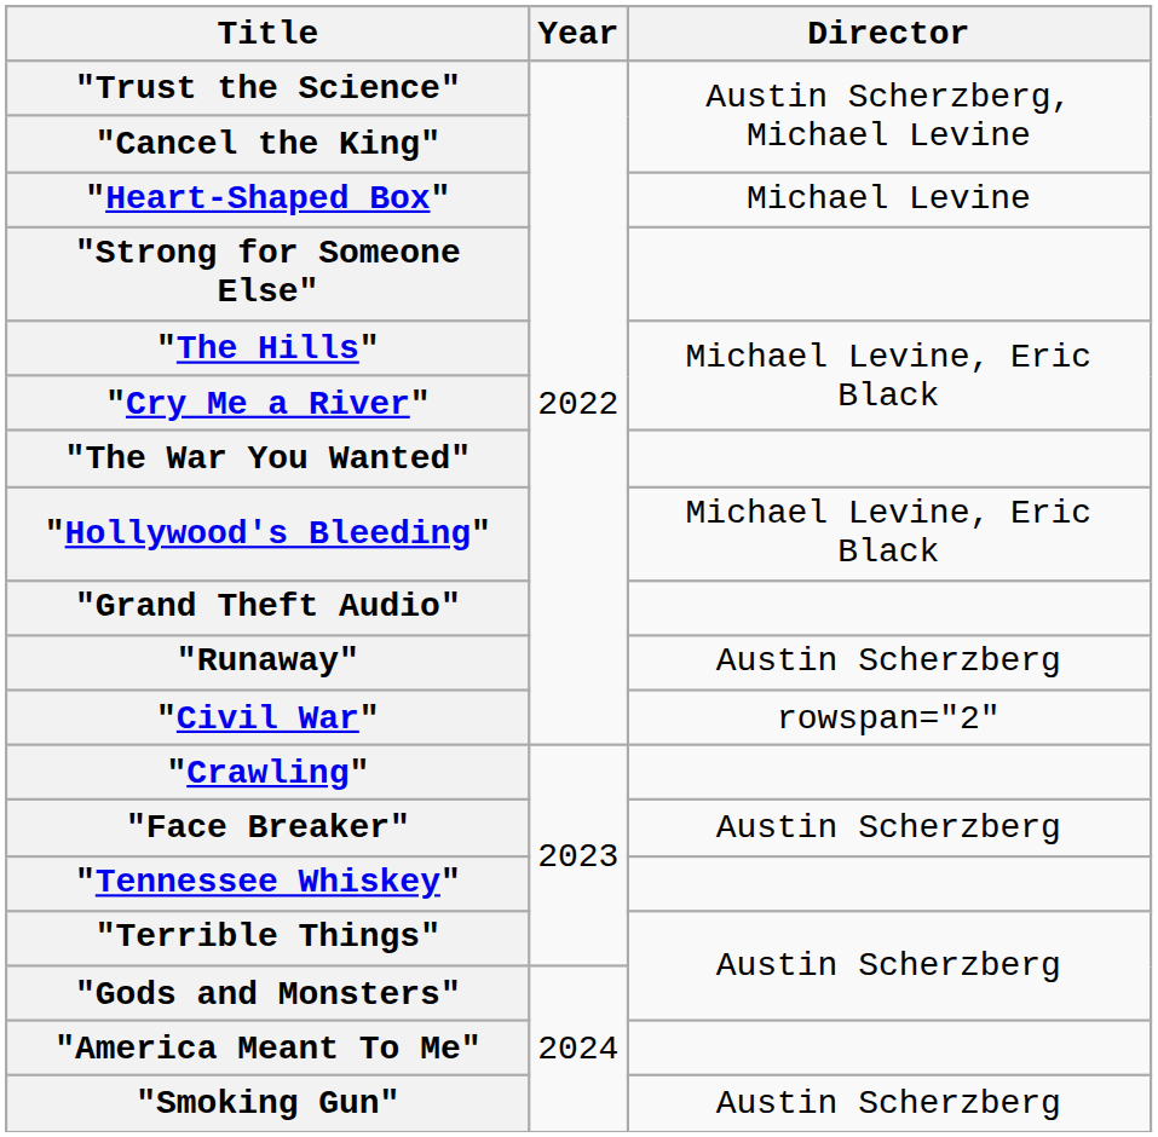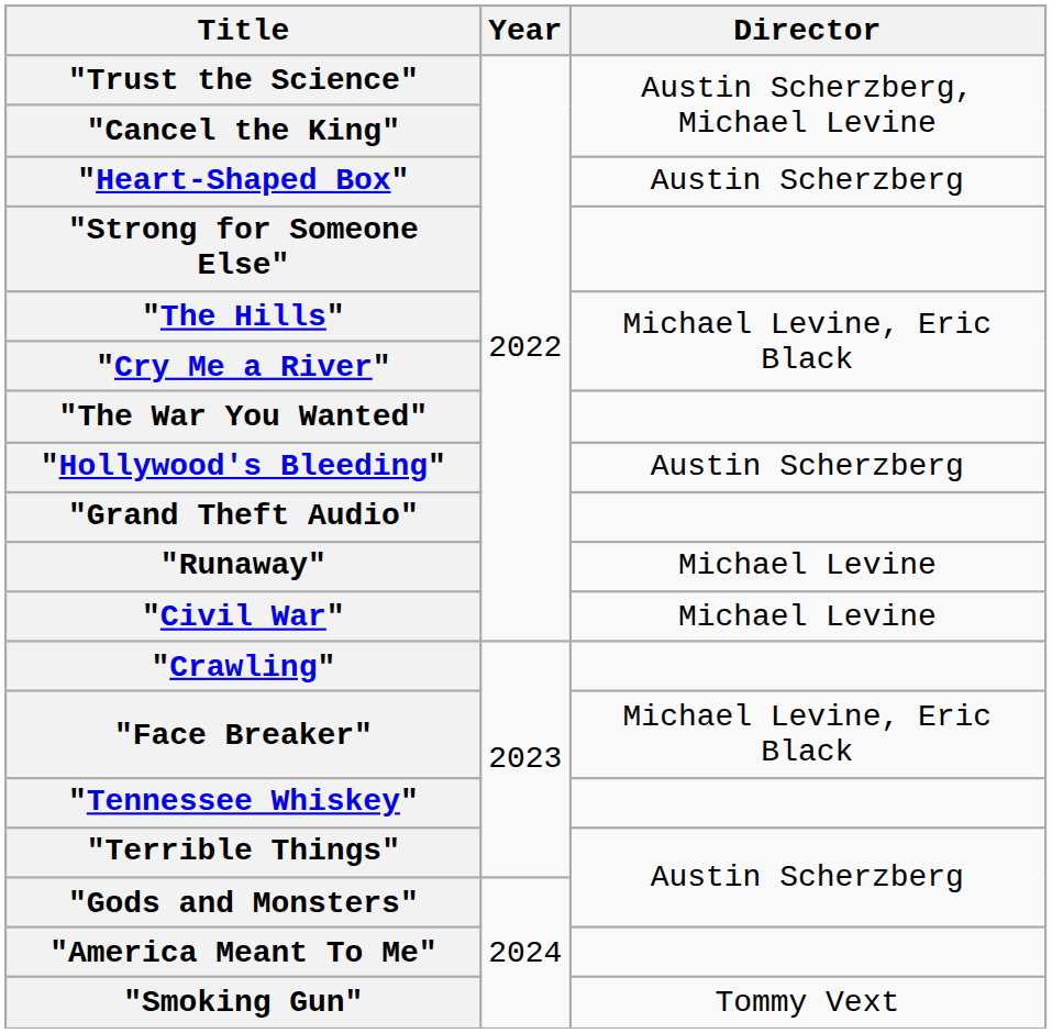 <table class="wikitable plainrowheaders" style="text-align:center;">
 <tr>
 <th scope="col" style="width:15em;">Title</th>
 <th scope="col">Year</th>
 <th scope="col" style="width:15em;">Director</th>
 </tr>
 <tr>
 <th scope="row">"Trust the Science"</th>
 <td rowspan="11">2022</td>
 <td rowspan="2">Austin Scherzberg, Michael Levine</td>
 </tr>
 <tr>
 <th scope="row">"Cancel the King"</th>
 </tr>
 <tr>
 <th scope="row">"<a href='#'>Heart-Shaped Box</a>"</th>
-<td>Michael Levine</td>
+<td>Austin Scherzberg</td>
 </tr>
 <tr>
 <th scope="row">"Strong for Someone Else"</th>
 <td></td>
 </tr>
 <tr>
 <th scope="row">"<a href='#'>The Hills</a>"</th>
 <td rowspan="2">Michael Levine, Eric Black</td>
 </tr>
 <tr>
 <th scope="row">"<a href='#'>Cry Me a River</a>"</th>
 </tr>
 <tr>
 <th scope="row">"The War You Wanted"</th>
 <td></td>
 </tr>
 <tr>
 <th scope="row">"<a href='#'>Hollywood's Bleeding</a>"</th>
-<td>Michael Levine, Eric Black</td>
+<td>Austin Scherzberg</td>
 </tr>
 <tr>
 <th scope="row">"Grand Theft Audio"</th>
 <td></td>
 </tr>
 <tr>
 <th scope="row">"Runaway"</th>
-<td>Austin Scherzberg</td>
+<td>Michael Levine</td>
 </tr>
 <tr>
 <th scope="row">"<a href='#'>Civil War</a>"</th>
-<td>rowspan="2" </td>
+<td>Michael Levine</td>
 </tr>
 <tr>
 <th scope="row">"<a href='#'>Crawling</a>"</th>
 <td rowspan="4">2023</td>
 </tr>
 <tr>
 <th scope="row">"Face Breaker"</th>
-<td>Austin Scherzberg</td>
+<td>Michael Levine, Eric Black</td>
 </tr>
 <tr>
 <th scope="row">"<a href='#'>Tennessee Whiskey</a>"</th>
 <td></td>
 </tr>
 <tr>
 <th scope="row">"Terrible Things"</th>
 <td rowspan="2">Austin Scherzberg</td>
 </tr>
 <tr>
 <th scope="row">"Gods and Monsters"</th>
 <td rowspan="3">2024</td>
 </tr>
 <tr>
 <th scope="row">"America Meant To Me"</th>
 <td></td>
 </tr>
 <tr>
 <th scope="row">"Smoking Gun"</th>
-<td>Austin Scherzberg</td>
+<td>Tommy Vext</td>
 </tr>
 <tr>
 </tr>
 </table>
